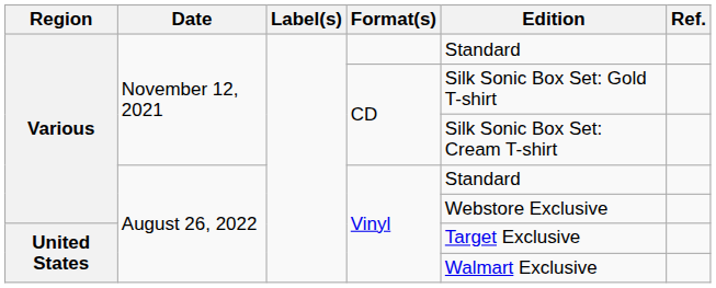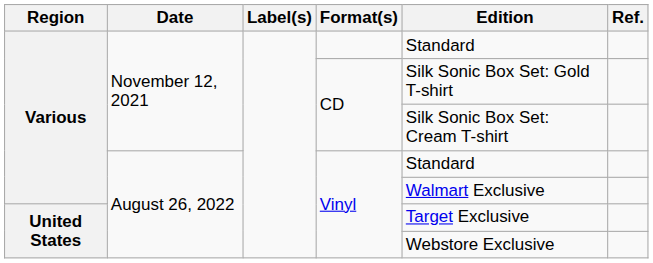 <table class="wikitable plainrowheaders">
 <tr>
 <th scope="col">Region</th>
 <th scope="col">Date</th>
 <th scope="col">Label(s)</th>
 <th scope="col">Format(s)</th>
 <th scope="col">Edition</th>
 <th scope="col">Ref.</th>
 </tr>
 <tr>
 <th scope="row" rowspan="5">Various</th>
 <td rowspan="3">November 12, 2021</td>
 <td rowspan="7"></td>
 <td></td>
 <td>Standard</td>
 <td></td>
 </tr>
 <tr>
 <td rowspan="2">CD</td>
 <td>Silk Sonic Box Set: Gold T-shirt</td>
 <td></td>
 </tr>
 <tr>
 <td>Silk Sonic Box Set: Cream T-shirt</td>
 <td></td>
 </tr>
 <tr>
 <td rowspan="4">August 26, 2022</td>
 <td rowspan="4"><a href='#'>Vinyl</a></td>
 <td>Standard</td>
 <td></td>
 </tr>
 <tr>
-<td>Webstore Exclusive</td>
+<td><a href='#'>Walmart</a> Exclusive</td>
 <td></td>
 </tr>
 <tr>
 <th scope="row" rowspan="2">United States</th>
 <td><a href='#'>Target</a> Exclusive</td>
 <td></td>
 </tr>
 <tr>
-<td><a href='#'>Walmart</a> Exclusive</td>
+<td>Webstore Exclusive</td>
 <td></td>
 </tr>
 </table>
